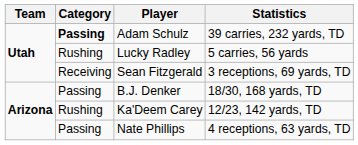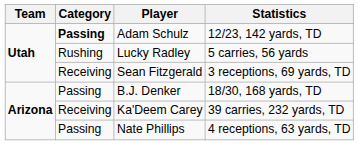 <table class="wikitable" style="float: right;">
 <tr>
 <th>Team</th>
 <th>Category</th>
 <th>Player</th>
 <th>Statistics</th>
 </tr>
 <tr>
 <td rowspan=3><strong>Utah</strong></td>
 <td><strong>Passing</strong></td>
 <td>Adam Schulz</td>
-<td>39 carries, 232 yards, TD</td>
+<td>12/23, 142 yards, TD</td>
 </tr>
 <tr>
 <td>Rushing</td>
 <td>Lucky Radley</td>
 <td>5 carries, 56 yards</td>
 </tr>
 <tr>
 <td>Receiving</td>
 <td>Sean Fitzgerald</td>
 <td>3 receptions, 69 yards, TD</td>
 </tr>
 <tr>
 <td rowspan=3><strong>Arizona</strong></td>
 <td>Passing</td>
 <td>B.J. Denker</td>
 <td>18/30, 168 yards, TD</td>
 </tr>
 <tr>
-<td>Rushing</td>
+<td>Receiving</td>
 <td>Ka'Deem Carey</td>
-<td>12/23, 142 yards, TD</td>
+<td>39 carries, 232 yards, TD</td>
 </tr>
 <tr>
 <td>Passing</td>
 <td>Nate Phillips</td>
 <td>4 receptions, 63 yards, TD</td>
 </tr>
 </table>
